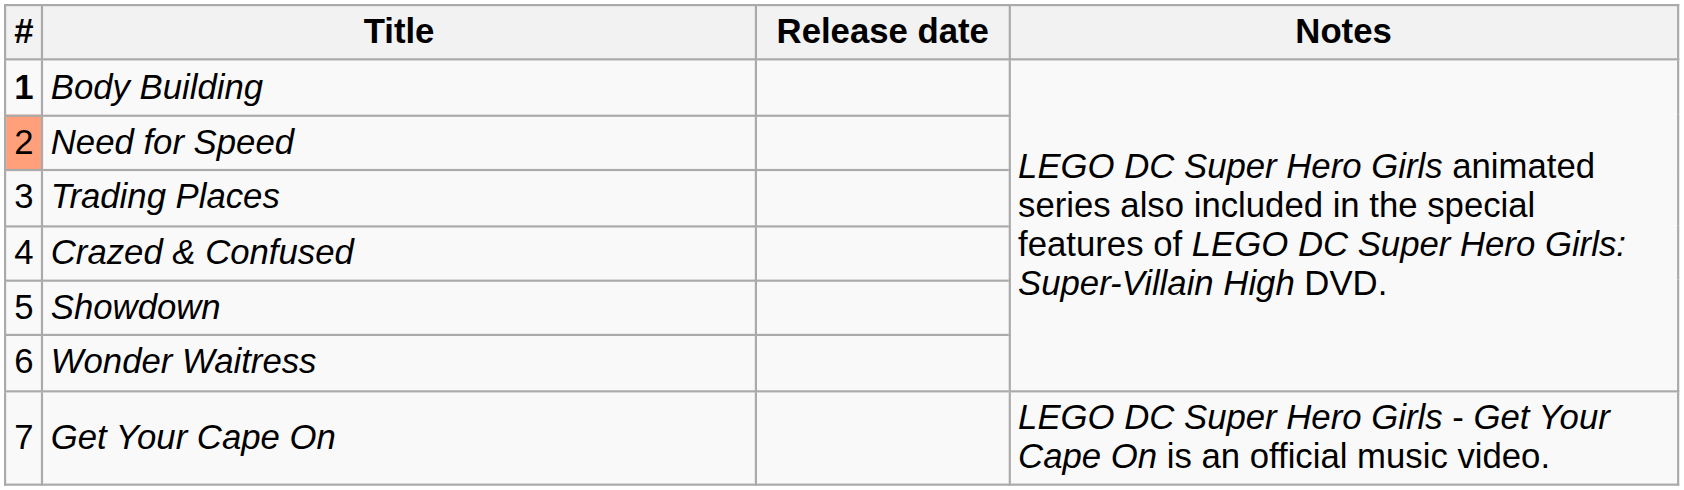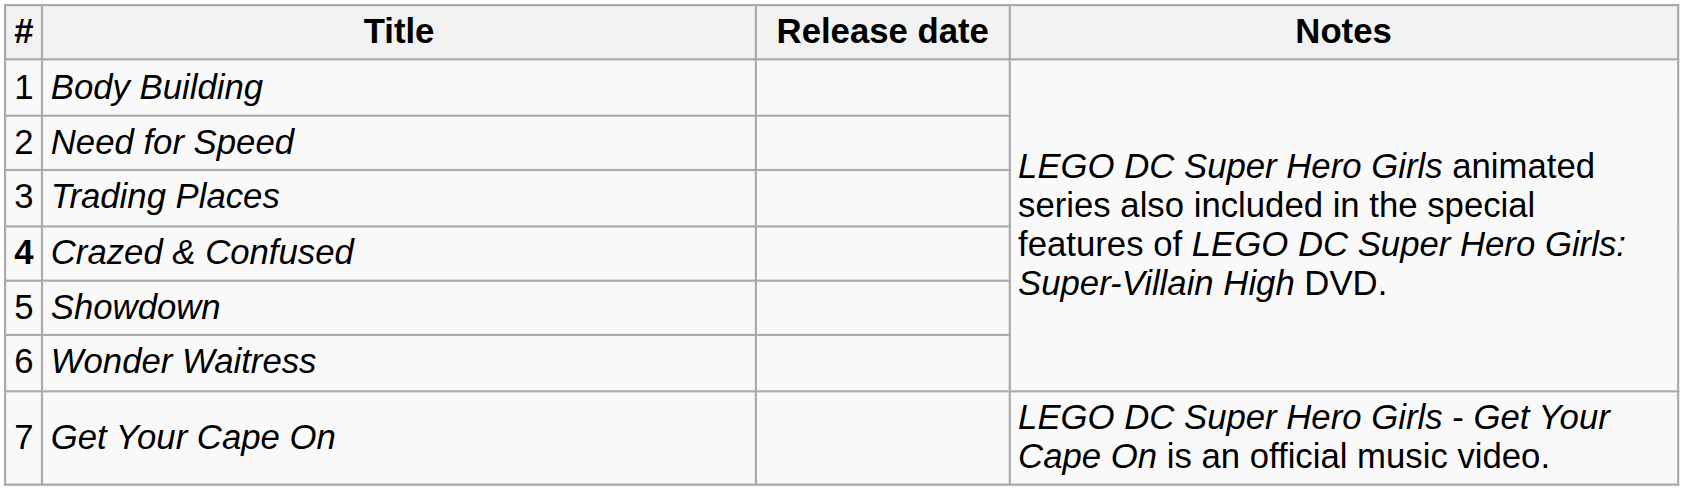 <table class="wikitable sortable">
 <tr>
 <th width=10>#</th>
 <th width=321>Title</th>
 <th width=110>Release date</th>
 <th width=300>Notes</th>
 </tr>
 <tr>
-<td align="center"><strong>1</strong></td>
+<td align="center">1</td>
 <td><em>Body Building</em></td>
 <td align="right"></td>
 <td rowspan="6"><em>LEGO DC Super Hero Girls</em> animated series also included in the special features of <em>LEGO DC Super Hero Girls: Super-Villain High</em> DVD.</td>
 </tr>
 <tr>
-<td align="center" style="background: lightsalmon;">2</td>
+<td align="center">2</td>
 <td><em>Need for Speed</em></td>
 <td align="right"></td>
 </tr>
 <tr>
 <td align="center">3</td>
 <td><em>Trading Places</em></td>
 <td align="right"></td>
 </tr>
 <tr>
-<td align="center">4</td>
+<td align="center"><strong>4</strong></td>
 <td><em>Crazed & Confused</em></td>
 <td align="right"></td>
 </tr>
 <tr>
 <td align="center">5</td>
 <td><em>Showdown</em></td>
 <td align="right"></td>
 </tr>
 <tr>
 <td align="center">6</td>
 <td><em>Wonder Waitress</em></td>
 <td align="right"></td>
 </tr>
 <tr>
 <td align="center">7</td>
 <td><em>Get Your Cape On</em></td>
 <td align="right"></td>
 <td rowspan="1"><em>LEGO DC Super Hero Girls</em> - <em>Get Your Cape On</em> is an official music video.</td>
 </tr>
 </table>
